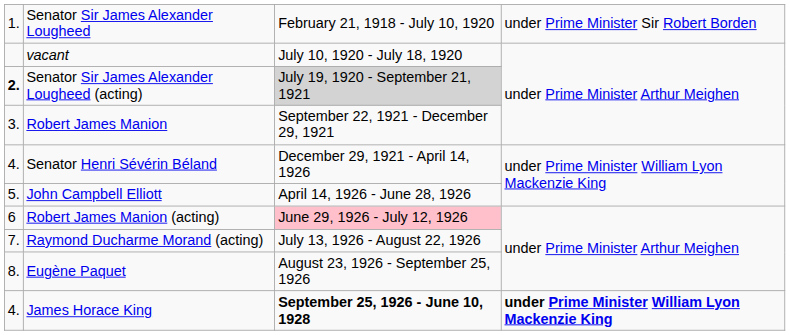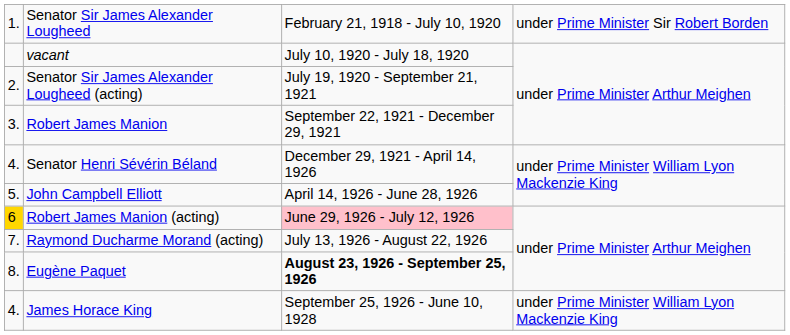 <table class="wikitable">
 <tr>
 <td>1.</td>
 <td>Senator <a href='#'>Sir James Alexander Lougheed</a></td>
 <td>February 21, 1918 - July 10, 1920</td>
 <td>under <a href='#'>Prime Minister</a> Sir <a href='#'>Robert Borden</a></td>
 </tr>
 <tr>
 <td></td>
 <td><em>vacant</em></td>
 <td>July 10, 1920 - July 18, 1920</td>
 <td rowspan=3>under <a href='#'>Prime Minister</a> <a href='#'>Arthur Meighen</a></td>
 </tr>
 <tr>
-<td><strong>2.</strong></td>
+<td>2.</td>
 <td>Senator <a href='#'>Sir James Alexander Lougheed</a> (acting)</td>
-<td style="background: lightgrey;">July 19, 1920 - September 21, 1921</td>
+<td>July 19, 1920 - September 21, 1921</td>
 </tr>
 <tr>
 <td>3.</td>
 <td><a href='#'>Robert James Manion</a></td>
 <td>September 22, 1921 - December 29, 1921</td>
 </tr>
 <tr>
 <td>4.</td>
 <td>Senator <a href='#'>Henri Sévérin Béland</a></td>
 <td>December 29, 1921 - April 14, 1926</td>
 <td rowspan=2>under <a href='#'>Prime Minister</a> <a href='#'>William Lyon Mackenzie King</a></td>
 </tr>
 <tr>
 <td>5.</td>
 <td><a href='#'>John Campbell Elliott</a></td>
 <td>April 14, 1926 - June 28, 1926</td>
 </tr>
 <tr>
-<td>6</td>
+<td style="background: gold;">6</td>
 <td><a href='#'>Robert James Manion</a> (acting)</td>
 <td style="background: pink;">June 29, 1926 - July 12, 1926</td>
 <td rowspan=3>under <a href='#'>Prime Minister</a> <a href='#'>Arthur Meighen</a></td>
 </tr>
 <tr>
 <td>7.</td>
 <td><a href='#'>Raymond Ducharme Morand</a> (acting)</td>
 <td>July 13, 1926 - August 22, 1926</td>
 </tr>
 <tr>
 <td>8.</td>
 <td><a href='#'>Eugène Paquet</a></td>
-<td>August 23, 1926 - September 25, 1926</td>
+<td><strong>August 23, 1926 - September 25, 1926</strong></td>
 </tr>
 <tr>
 <td>4.</td>
 <td><a href='#'>James Horace King</a></td>
-<td><strong>September 25, 1926 - June 10, 1928</strong></td>
-<td><strong>under <a href='#'>Prime Minister</a> <a href='#'>William Lyon Mackenzie King</a></strong></td>
+<td>September 25, 1926 - June 10, 1928</td>
+<td>under <a href='#'>Prime Minister</a> <a href='#'>William Lyon Mackenzie King</a></td>
 </tr>
 </table>
